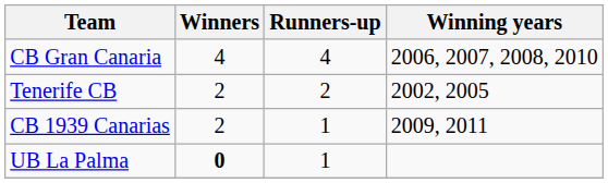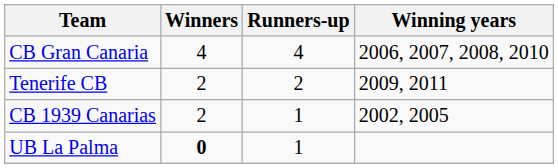 <table class="wikitable">
 <tr>
 <th>Team</th>
 <th>Winners</th>
 <th>Runners-up</th>
 <th>Winning years</th>
 </tr>
 <tr>
 <td><a href='#'>CB Gran Canaria</a></td>
 <td style="text-align:center;">4</td>
 <td style="text-align:center;">4</td>
 <td>2006, 2007, 2008, 2010</td>
 </tr>
 <tr>
 <td><a href='#'>Tenerife CB</a></td>
 <td style="text-align:center;">2</td>
 <td style="text-align:center;">2</td>
-<td>2002, 2005</td>
+<td>2009, 2011</td>
 </tr>
 <tr>
 <td><a href='#'>CB 1939 Canarias</a></td>
 <td style="text-align:center;">2</td>
 <td style="text-align:center;">1</td>
-<td>2009, 2011</td>
+<td>2002, 2005</td>
 </tr>
 <tr>
 <td><a href='#'>UB La Palma</a></td>
 <td style="text-align:center;"><strong>0</strong></td>
 <td style="text-align:center;">1</td>
 <td></td>
 </tr>
 <tr>
 </tr>
 </table>
